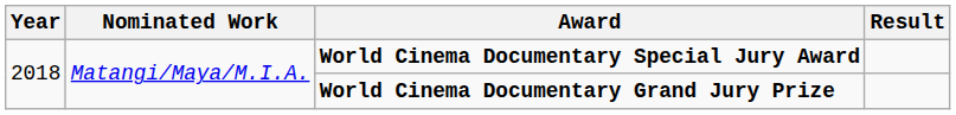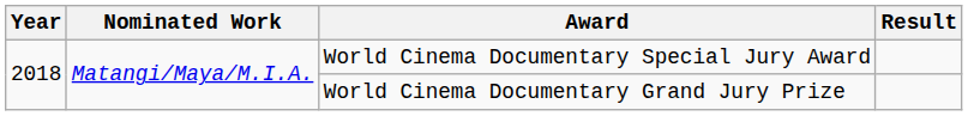 <table class="wikitable">
 <tr>
 <th>Year</th>
 <th>Nominated Work</th>
 <th>Award</th>
 <th>Result</th>
 </tr>
 <tr>
 <td rowspan="2">2018</td>
 <td rowspan="2"><em><a href='#'>Matangi/Maya/M.I.A.</a></em></td>
-<td><strong>World Cinema Documentary Special Jury Award</strong></td>
+<td>World Cinema Documentary Special Jury Award</td>
 <td></td>
 </tr>
 <tr>
-<td><strong>World Cinema Documentary Grand Jury Prize</strong></td>
+<td>World Cinema Documentary Grand Jury Prize</td>
 <td></td>
 </tr>
 </table>
